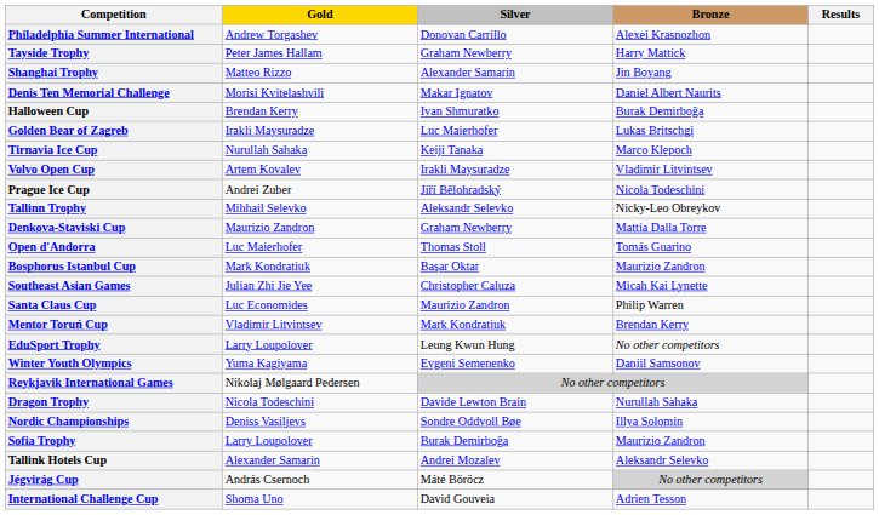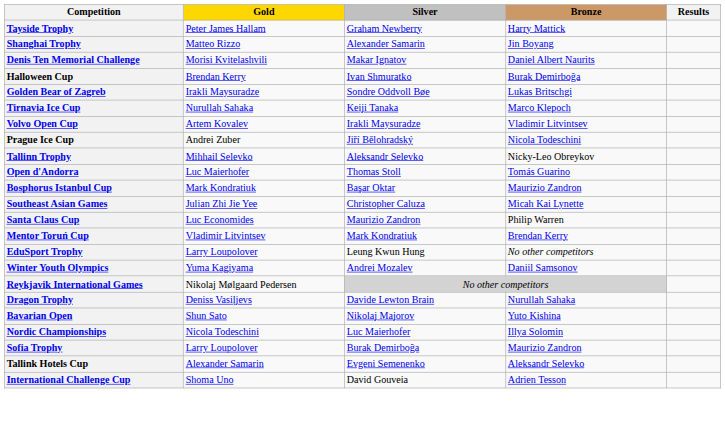 <table class="wikitable unsortable" style="text-align:left; width:90%;">
 <tr>
 <th scope="col" style="text-align:center; width:25%;">Competition</th>
 <td scope="col" style="text-align:center; width:22.5%; background:gold"><strong>Gold</strong></td>
 <td scope="col" style="text-align:center; width:22.5%; background:silver"><strong>Silver</strong></td>
 <td scope="col" style="text-align:center; width:22.5%; background:#c96"><strong>Bronze</strong></td>
 <th scope="col" style="text-align:center; width:7.5%;">Results</th>
-</tr>
-<tr>
-<th scope="row" style="text-align:left"> <a href='#'>Philadelphia Summer International</a></th>
-<td> <a href='#'>Andrew Torgashev</a></td>
-<td> <a href='#'>Donovan Carrillo</a></td>
-<td> <a href='#'>Alexei Krasnozhon</a></td>
-<td></td>
 </tr>
 <tr>
 <th scope="row" style="text-align:left"> <a href='#'>Tayside Trophy</a></th>
 <td> <a href='#'>Peter James Hallam</a></td>
 <td> <a href='#'>Graham Newberry</a></td>
 <td> <a href='#'>Harry Mattick</a></td>
 <td></td>
 </tr>
 <tr>
 <th scope="row" style="text-align:left"> <a href='#'>Shanghai Trophy</a></th>
 <td> <a href='#'>Matteo Rizzo</a></td>
 <td> <a href='#'>Alexander Samarin</a></td>
 <td> <a href='#'>Jin Boyang</a></td>
 <td></td>
 </tr>
 <tr>
 <th scope="row" style="text-align:left"> <a href='#'>Denis Ten Memorial Challenge</a></th>
 <td> <a href='#'>Morisi Kvitelashvili</a></td>
 <td> <a href='#'>Makar Ignatov</a></td>
 <td> <a href='#'>Daniel Albert Naurits</a></td>
 <td></td>
 </tr>
 <tr>
 <th scope="row" style="text-align:left"> Halloween Cup</th>
 <td> <a href='#'>Brendan Kerry</a></td>
 <td> <a href='#'>Ivan Shmuratko</a></td>
 <td> <a href='#'>Burak Demirboğa</a></td>
 <td></td>
 </tr>
 <tr>
 <th scope="row" style="text-align:left"> <a href='#'>Golden Bear of Zagreb</a></th>
 <td> <a href='#'>Irakli Maysuradze</a></td>
-<td> <a href='#'>Luc Maierhofer</a></td>
+<td> <a href='#'>Sondre Oddvoll Bøe</a></td>
 <td> <a href='#'>Lukas Britschgi</a></td>
 <td></td>
 </tr>
 <tr>
 <th scope="row" style="text-align:left"> <a href='#'>Tirnavia Ice Cup</a></th>
 <td> <a href='#'>Nurullah Sahaka</a></td>
 <td> <a href='#'>Keiji Tanaka</a></td>
 <td> <a href='#'>Marco Klepoch</a></td>
 <td></td>
 </tr>
 <tr>
 <th scope="row" style="text-align:left"> <a href='#'>Volvo Open Cup</a></th>
 <td> <a href='#'>Artem Kovalev</a></td>
 <td> <a href='#'>Irakli Maysuradze</a></td>
 <td> <a href='#'>Vladimir Litvintsev</a></td>
 <td></td>
 </tr>
 <tr>
 <th scope="row" style="text-align:left"> Prague Ice Cup</th>
 <td> Andrei Zuber</td>
 <td> <a href='#'>Jiří Bělohradský</a></td>
 <td> <a href='#'>Nicola Todeschini</a></td>
 <td></td>
 </tr>
 <tr>
 <th scope="row" style="text-align:left"> <a href='#'>Tallinn Trophy</a></th>
 <td> <a href='#'>Mihhail Selevko</a></td>
 <td> <a href='#'>Aleksandr Selevko</a></td>
 <td> Nicky-Leo Obreykov</td>
-<td></td>
-</tr>
-<tr>
-<th scope="row" style="text-align:left"> <a href='#'>Denkova-Staviski Cup</a></th>
-<td> <a href='#'>Maurizio Zandron</a></td>
-<td> <a href='#'>Graham Newberry</a></td>
-<td> <a href='#'>Mattia Dalla Torre</a></td>
 <td></td>
 </tr>
 <tr>
 <th scope="row" style="text-align:left"> <a href='#'>Open d'Andorra</a></th>
 <td> <a href='#'>Luc Maierhofer</a></td>
 <td> <a href='#'>Thomas Stoll</a></td>
 <td> <a href='#'>Tomás Guarino</a></td>
 <td></td>
 </tr>
 <tr>
 <th scope="row" style="text-align:left"> <a href='#'>Bosphorus Istanbul Cup</a></th>
 <td> <a href='#'>Mark Kondratiuk</a></td>
 <td> <a href='#'>Başar Oktar</a></td>
 <td> <a href='#'>Maurizio Zandron</a></td>
 <td></td>
 </tr>
 <tr>
 <th scope="row" style="text-align:left"> <a href='#'>Southeast Asian Games</a></th>
 <td> <a href='#'>Julian Zhi Jie Yee</a></td>
 <td> <a href='#'>Christopher Caluza</a></td>
 <td> <a href='#'>Micah Kai Lynette</a></td>
 <td></td>
 </tr>
 <tr>
 <th scope="row" style="text-align:left"> <a href='#'>Santa Claus Cup</a></th>
 <td> <a href='#'>Luc Economides</a></td>
 <td> <a href='#'>Maurizio Zandron</a></td>
 <td> Philip Warren</td>
 <td></td>
 </tr>
 <tr>
 <th scope="row" style="text-align:left"> <a href='#'>Mentor Toruń Cup</a></th>
 <td> <a href='#'>Vladimir Litvintsev</a></td>
 <td> <a href='#'>Mark Kondratiuk</a></td>
 <td> <a href='#'>Brendan Kerry</a></td>
 <td></td>
 </tr>
 <tr>
 <th scope="row" style="text-align:left"> <a href='#'>EduSport Trophy</a></th>
 <td> <a href='#'>Larry Loupolover</a></td>
 <td> Leung Kwun Hung</td>
 <td><em>No other competitors</em></td>
 <td></td>
 </tr>
 <tr>
 <th scope="row" style="text-align:left"> <a href='#'>Winter Youth Olympics</a></th>
 <td> <a href='#'>Yuma Kagiyama</a></td>
-<td> <a href='#'>Evgeni Semenenko</a></td>
+<td> <a href='#'>Andrei Mozalev</a></td>
 <td> <a href='#'>Daniil Samsonov</a></td>
 <td></td>
 </tr>
 <tr>
 <th scope="row" style="text-align:left"> <a href='#'>Reykjavik International Games</a></th>
 <td> Nikolaj Mølgaard Pedersen</td>
 <td colspan="2" align="center" bgcolor="lightgray"><em>No other competitors</em></td>
 <td></td>
 </tr>
 <tr>
 <th scope="row" style="text-align:left"> <a href='#'>Dragon Trophy</a></th>
-<td> <a href='#'>Nicola Todeschini</a></td>
+<td> <a href='#'>Deniss Vasiļjevs</a></td>
 <td> <a href='#'>Davide Lewton Brain</a></td>
 <td> <a href='#'>Nurullah Sahaka</a></td>
 <td></td>
 </tr>
 <tr>
+<th scope="row" style="text-align:left"> <a href='#'>Bavarian Open</a></th>
+<td> <a href='#'>Shun Sato</a></td>
+<td> <a href='#'>Nikolaj Majorov</a></td>
+<td> <a href='#'>Yuto Kishina</a></td>
+<td></td>
+</tr>
+<tr>
 <th scope="row" style="text-align:left"> <a href='#'>Nordic Championships</a></th>
-<td> <a href='#'>Deniss Vasiļjevs</a></td>
-<td> <a href='#'>Sondre Oddvoll Bøe</a></td>
+<td> <a href='#'>Nicola Todeschini</a></td>
+<td> <a href='#'>Luc Maierhofer</a></td>
 <td> <a href='#'>Illya Solomin</a></td>
 <td></td>
 </tr>
 <tr>
 <th scope="row" style="text-align:left"> <a href='#'>Sofia Trophy</a></th>
 <td> <a href='#'>Larry Loupolover</a></td>
 <td> <a href='#'>Burak Demirboğa</a></td>
 <td> <a href='#'>Maurizio Zandron</a></td>
 <td></td>
 </tr>
 <tr>
 <th scope="row" style="text-align:left"> Tallink Hotels Cup</th>
 <td> <a href='#'>Alexander Samarin</a></td>
-<td> <a href='#'>Andrei Mozalev</a></td>
+<td> <a href='#'>Evgeni Semenenko</a></td>
 <td> <a href='#'>Aleksandr Selevko</a></td>
-<td></td>
-</tr>
-<tr>
-<th scope="row" style="text-align:left"> <a href='#'>Jégvirág Cup</a></th>
-<td> András Csernoch</td>
-<td> Máté Böröcz</td>
-<td align="center" bgcolor="lightgray"><em>No other competitors</em></td>
 <td></td>
 </tr>
 <tr>
 <th scope="row" style="text-align:left"> <a href='#'>International Challenge Cup</a></th>
 <td> <a href='#'>Shoma Uno</a></td>
 <td> David Gouveia</td>
 <td> <a href='#'>Adrien Tesson</a></td>
 <td></td>
 </tr>
 </table>
